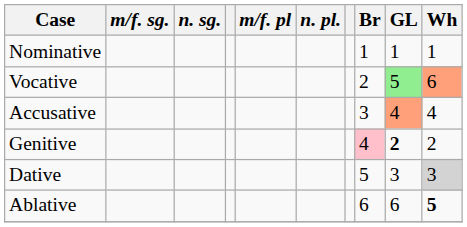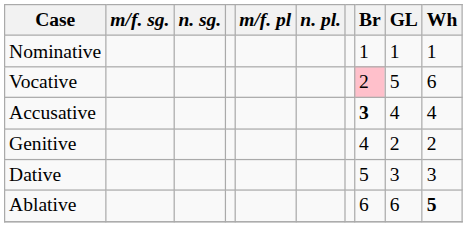 <table class="wikitable sortable">
 <tr>
 <th class=unsortable>Case</th>
 <th class=unsortable><em>m/f. sg.</em></th>
 <th class=unsortable><em>n. sg.</em></th>
 <th class=unsortable></th>
 <th class=unsortable><em>m/f. pl</em></th>
 <th class=unsortable><em>n. pl.</em></th>
 <th class=unsortable></th>
 <th>Br</th>
 <th>GL</th>
 <th>Wh</th>
 </tr>
 <tr>
 <td>Nominative</td>
 <td><strong></strong></td>
 <td><strong></strong></td>
 <td></td>
 <td><strong></strong></td>
 <td><strong></strong></td>
 <td></td>
 <td>1</td>
 <td>1</td>
 <td>1</td>
 </tr>
 <tr>
 <td>Vocative</td>
 <td><strong></strong></td>
 <td><strong></strong></td>
 <td></td>
 <td><strong></strong></td>
 <td><strong></strong></td>
 <td></td>
-<td>2</td>
-<td style="background: lightgreen;">5</td>
-<td style="background: lightsalmon;">6</td>
+<td style="background: pink;">2</td>
+<td>5</td>
+<td>6</td>
 </tr>
 <tr>
 <td>Accusative</td>
 <td><strong></strong></td>
 <td><strong></strong></td>
 <td></td>
 <td><strong></strong></td>
 <td><strong></strong></td>
 <td></td>
-<td>3</td>
-<td style="background: lightsalmon;">4</td>
+<td><strong>3</strong></td>
+<td>4</td>
 <td>4</td>
 </tr>
 <tr>
 <td>Genitive</td>
 <td><strong></strong></td>
 <td><strong></strong></td>
 <td></td>
 <td><strong></strong></td>
 <td><strong></strong></td>
 <td></td>
-<td style="background: pink;">4</td>
-<td><strong>2</strong></td>
+<td>4</td>
+<td>2</td>
 <td>2</td>
 </tr>
 <tr>
 <td>Dative</td>
 <td><strong></strong></td>
 <td><strong></strong></td>
 <td></td>
 <td><strong></strong></td>
 <td><strong></strong></td>
 <td></td>
 <td>5</td>
 <td>3</td>
-<td style="background: lightgrey;">3</td>
+<td>3</td>
 </tr>
 <tr>
 <td>Ablative</td>
 <td><strong></strong></td>
 <td><strong></strong></td>
 <td></td>
 <td><strong></strong></td>
 <td><strong></strong></td>
 <td></td>
 <td>6</td>
 <td>6</td>
 <td><strong>5</strong></td>
 </tr>
 <tr>
 </tr>
 </table>
